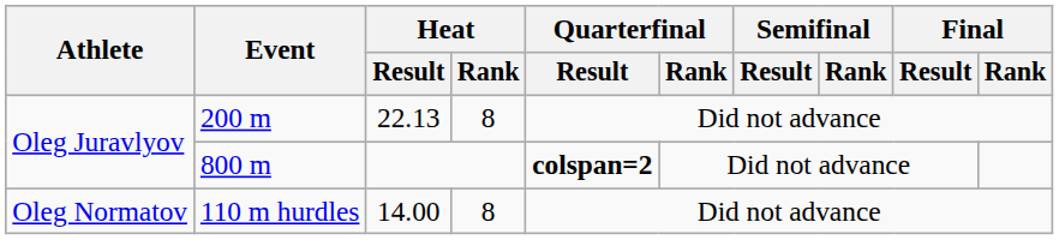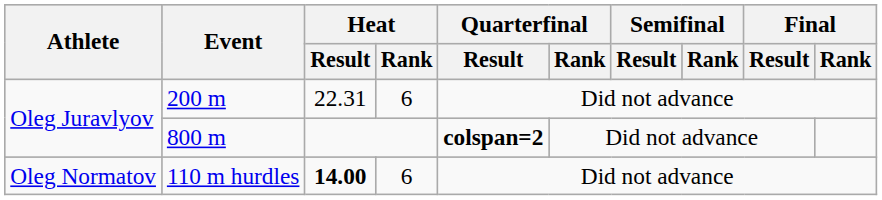 <table class=wikitable style="font-size:90%">
 <tr>
 <th rowspan="2">Athlete</th>
 <th rowspan="2">Event</th>
 <th colspan="2">Heat</th>
 <th colspan="2">Quarterfinal</th>
 <th colspan="2">Semifinal</th>
 <th colspan="2">Final</th>
 </tr>
 <tr style="font-size:95%">
 <th>Result</th>
 <th>Rank</th>
 <th>Result</th>
 <th>Rank</th>
 <th>Result</th>
 <th>Rank</th>
 <th>Result</th>
 <th>Rank</th>
 </tr>
 <tr align=center>
 <td align=left rowspan=2><a href='#'>Oleg Juravlyov</a></td>
 <td align=left><a href='#'>200 m</a></td>
-<td>22.13</td>
-<td>8</td>
+<td>22.31</td>
+<td>6</td>
 <td colspan=6>Did not advance</td>
 </tr>
 <tr align=center>
 <td align=left><a href='#'>800 m</a></td>
 <td colspan=2></td>
 <td><strong>colspan=2 </strong></td>
 <td colspan=4>Did not advance</td>
 </tr>
 <tr align=center>
 <td align=left><a href='#'>Oleg Normatov</a></td>
 <td><a href='#'>110 m hurdles</a></td>
-<td>14.00</td>
-<td>8</td>
+<td><strong>14.00</strong></td>
+<td>6</td>
 <td colspan=6>Did not advance</td>
 </tr>
 </table>
